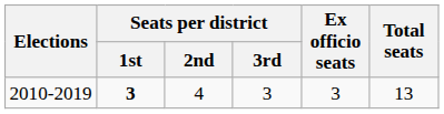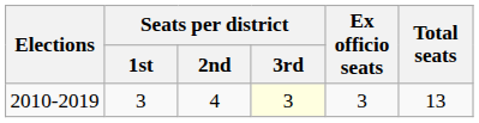 <table class="wikitable" style="text-align:center">
 <tr>
 <th rowspan="2">Elections</th>
 <th colspan="3">Seats per district</th>
 <th rowspan="2" width="50px">Ex officio seats</th>
 <th rowspan="2" width="50px">Total seats</th>
 </tr>
 <tr>
 <th width="50px">1st</th>
 <th width="50px">2nd</th>
 <th width="50px">3rd</th>
 </tr>
 <tr>
 <td>2010-2019</td>
-<td><strong>3</strong></td>
+<td>3</td>
 <td>4</td>
-<td>3</td>
+<td style="background: lightyellow;">3</td>
 <td>3</td>
 <td>13</td>
 </tr>
 </table>
